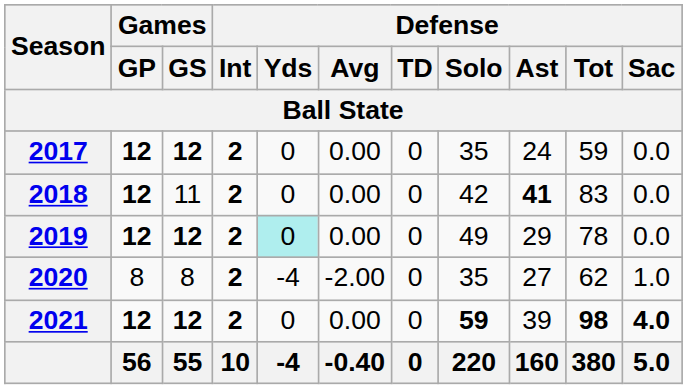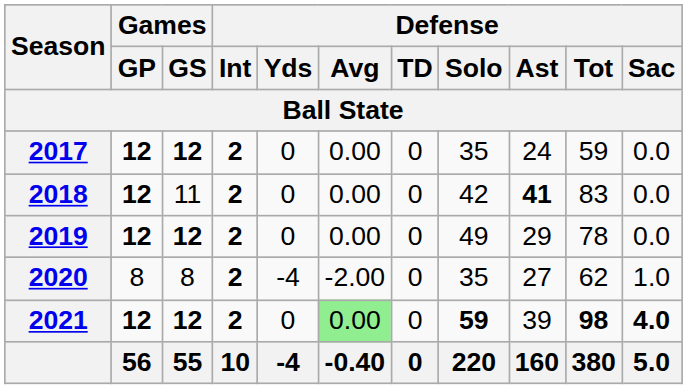 <table class="wikitable" style="text-align:center;">
 <tr>
 <th rowspan="2">Season</th>
 <th colspan="2">Games</th>
 <th colspan="8">Defense</th>
 </tr>
 <tr>
 <th>GP</th>
 <th>GS</th>
 <th>Int</th>
 <th>Yds</th>
 <th>Avg</th>
 <th>TD</th>
 <th>Solo</th>
 <th>Ast</th>
 <th>Tot</th>
 <th>Sac</th>
 </tr>
 <tr>
 <th colspan="15">Ball State</th>
 </tr>
 <tr>
 <th><a href='#'>2017</a></th>
 <td><strong>12</strong></td>
 <td><strong>12</strong></td>
 <td><strong>2</strong></td>
 <td>0</td>
 <td>0.00</td>
 <td>0</td>
 <td>35</td>
 <td>24</td>
 <td>59</td>
 <td>0.0</td>
 </tr>
 <tr>
 <th><a href='#'>2018</a></th>
 <td><strong>12</strong></td>
 <td>11</td>
 <td><strong>2</strong></td>
 <td>0</td>
 <td>0.00</td>
 <td>0</td>
 <td>42</td>
 <td><strong>41</strong></td>
 <td>83</td>
 <td>0.0</td>
 </tr>
 <tr>
 <th><a href='#'>2019</a></th>
 <td><strong>12</strong></td>
 <td><strong>12</strong></td>
 <td><strong>2</strong></td>
-<td style="background: paleturquoise;">0</td>
+<td>0</td>
 <td>0.00</td>
 <td>0</td>
 <td>49</td>
 <td>29</td>
 <td>78</td>
 <td>0.0</td>
 </tr>
 <tr>
 <th><a href='#'>2020</a></th>
 <td>8</td>
 <td>8</td>
 <td><strong>2</strong></td>
 <td>-4</td>
 <td>-2.00</td>
 <td>0</td>
 <td>35</td>
 <td>27</td>
 <td>62</td>
 <td>1.0</td>
 </tr>
 <tr>
 <th><a href='#'>2021</a></th>
 <td><strong>12</strong></td>
 <td><strong>12</strong></td>
 <td><strong>2</strong></td>
 <td>0</td>
-<td>0.00</td>
+<td style="background: lightgreen;">0.00</td>
 <td>0</td>
 <td><strong>59</strong></td>
 <td>39</td>
 <td><strong>98</strong></td>
 <td><strong>4.0</strong></td>
 </tr>
 <tr>
 <th></th>
 <th>56</th>
 <th>55</th>
 <th>10</th>
 <th>-4</th>
 <th>-0.40</th>
 <th>0</th>
 <th>220</th>
 <th>160</th>
 <th>380</th>
 <th>5.0</th>
 </tr>
 </table>
